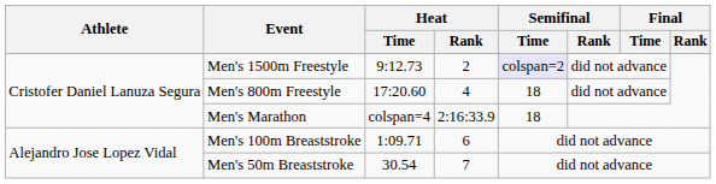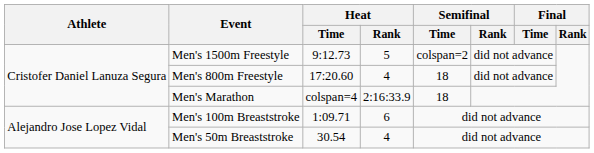 <table class=wikitable style="font-size:90%">
 <tr>
 <th rowspan="2">Athlete</th>
 <th rowspan="2">Event</th>
 <th colspan="2">Heat</th>
 <th colspan="2">Semifinal</th>
 <th colspan="2">Final</th>
 </tr>
 <tr style="font-size:95%">
 <th>Time</th>
 <th>Rank</th>
 <th>Time</th>
 <th>Rank</th>
 <th>Time</th>
 <th>Rank</th>
 </tr>
 <tr align=center>
 <td align=left rowspan=3>Cristofer Daniel Lanuza Segura</td>
 <td align=left>Men's 1500m Freestyle</td>
 <td>9:12.73</td>
-<td>2</td>
-<td style="background: lavender;">colspan=2 </td>
+<td>5</td>
+<td>colspan=2 </td>
 <td colspan=2>did not advance</td>
 </tr>
 <tr align=center>
 <td align=left>Men's 800m Freestyle</td>
 <td>17:20.60</td>
 <td>4</td>
 <td>18</td>
 <td colspan=2>did not advance</td>
 </tr>
 <tr align=center>
 <td align=left>Men's Marathon</td>
 <td>colspan=4 </td>
 <td>2:16:33.9</td>
 <td>18</td>
 </tr>
 <tr align=center>
 <td align=left rowspan=2>Alejandro Jose Lopez Vidal</td>
 <td align=left>Men's 100m Breaststroke</td>
 <td>1:09.71</td>
 <td>6</td>
 <td colspan=4>did not advance</td>
 </tr>
 <tr align=center>
 <td align=left>Men's 50m Breaststroke</td>
 <td>30.54</td>
-<td>7</td>
+<td>4</td>
 <td colspan=4>did not advance</td>
 </tr>
 </table>
